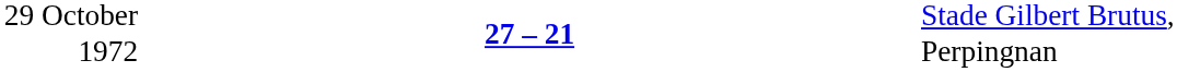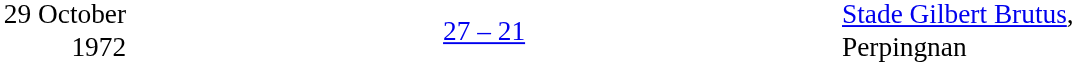 <table style="width:100%;" cellspacing="1">
 <tr>
 <th width=15%></th>
 <th width=25%></th>
 <th width=10%></th>
 <th width=25%></th>
 </tr>
 <tr style=font-size:90%>
 <td align=right>29 October 1972</td>
 <td align=right></td>
-<td align=center><strong><a href='#'>27 – 21</a></strong></td>
+<td align=center><a href='#'>27 – 21</a></td>
 <td></td>
 <td><a href='#'>Stade Gilbert Brutus</a>, Perpingnan</td>
 </tr>
 </table>
